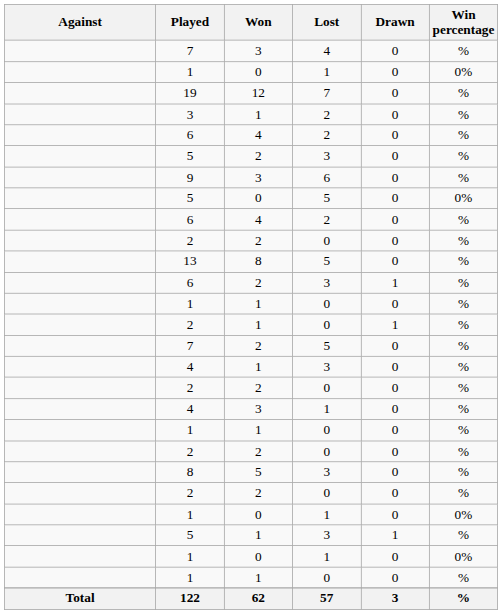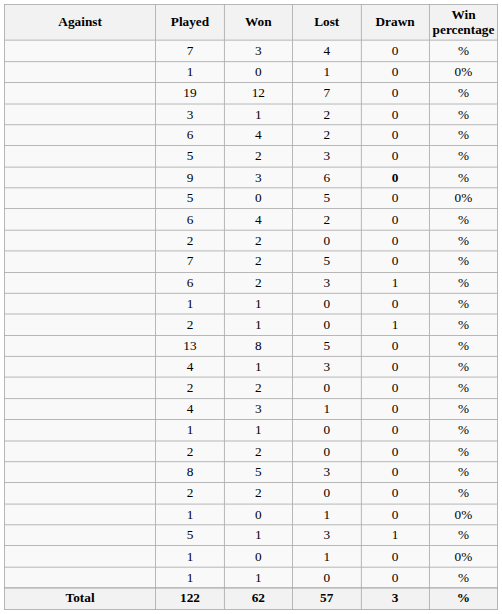 <table class="wikitable sortable" style="border:1px solid #CCCCCC">
 <tr>
 <th align="left" width="175" bgcolor="#CCCCCC">Against</th>
 <th align="center" width="75" bgcolor="#CCCCCC">Played</th>
 <th align="center" width="75" bgcolor="#CCCCCC">Won</th>
 <th align="center" width="75" bgcolor="#CCCCCC">Lost</th>
 <th align="center" width="75" bgcolor="#CCCCCC">Drawn</th>
 <th align="center" width="75" bgcolor="#CCCCCC">Win percentage</th>
 </tr>
 <tr style="text-align:center">
 <td align="left"></td>
 <td>7</td>
 <td>3</td>
 <td>4</td>
 <td>0</td>
 <td>%</td>
 </tr>
 <tr style="text-align:center">
 <td align="left"></td>
 <td>1</td>
 <td>0</td>
 <td>1</td>
 <td>0</td>
 <td>0%</td>
 </tr>
 <tr style="text-align:center">
 <td align="left"></td>
 <td>19</td>
 <td>12</td>
 <td>7</td>
 <td>0</td>
 <td>%</td>
 </tr>
 <tr style="text-align:center">
 <td align="left"></td>
 <td>3</td>
 <td>1</td>
 <td>2</td>
 <td>0</td>
 <td>%</td>
 </tr>
 <tr style="text-align:center">
 <td align="left"></td>
 <td>6</td>
 <td>4</td>
 <td>2</td>
 <td>0</td>
 <td>%</td>
 </tr>
 <tr style="text-align:center">
 <td align="left"></td>
 <td>5</td>
 <td>2</td>
 <td>3</td>
 <td>0</td>
 <td>%</td>
 </tr>
 <tr style="text-align:center">
 <td align="left"></td>
 <td>9</td>
 <td>3</td>
 <td>6</td>
-<td>0</td>
+<td><strong>0</strong></td>
 <td>%</td>
 </tr>
 <tr style="text-align:center">
 <td align="left"></td>
 <td>5</td>
 <td>0</td>
 <td>5</td>
 <td>0</td>
 <td>0%</td>
 </tr>
 <tr style="text-align:center">
 <td align="left"></td>
 <td>6</td>
 <td>4</td>
 <td>2</td>
 <td>0</td>
 <td>%</td>
 </tr>
 <tr style="text-align:center">
 <td align="left"></td>
 <td>2</td>
 <td>2</td>
 <td>0</td>
 <td>0</td>
 <td>%</td>
 </tr>
 <tr style="text-align:center">
 <td align="left"></td>
-<td>13</td>
-<td>8</td>
+<td>7</td>
+<td>2</td>
 <td>5</td>
 <td>0</td>
 <td>%</td>
 </tr>
 <tr style="text-align:center">
 <td align="left"></td>
 <td>6</td>
 <td>2</td>
 <td>3</td>
 <td>1</td>
 <td>%</td>
 </tr>
 <tr style="text-align:center">
 <td align="left"></td>
 <td>1</td>
 <td>1</td>
 <td>0</td>
 <td>0</td>
 <td>%</td>
 </tr>
 <tr style="text-align:center">
 <td align="left"></td>
 <td>2</td>
 <td>1</td>
 <td>0</td>
 <td>1</td>
 <td>%</td>
 </tr>
 <tr style="text-align:center">
 <td align="left"></td>
-<td>7</td>
-<td>2</td>
+<td>13</td>
+<td>8</td>
 <td>5</td>
 <td>0</td>
 <td>%</td>
 </tr>
 <tr style="text-align:center">
 <td align="left"></td>
 <td>4</td>
 <td>1</td>
 <td>3</td>
 <td>0</td>
 <td>%</td>
 </tr>
 <tr style="text-align:center">
 <td align="left"></td>
 <td>2</td>
 <td>2</td>
 <td>0</td>
 <td>0</td>
 <td>%</td>
 </tr>
 <tr style="text-align:center">
 <td align="left"></td>
 <td>4</td>
 <td>3</td>
 <td>1</td>
 <td>0</td>
 <td>%</td>
 </tr>
 <tr style="text-align:center">
 <td align="left"></td>
 <td>1</td>
 <td>1</td>
 <td>0</td>
 <td>0</td>
 <td>%</td>
 </tr>
 <tr style="text-align:center">
 <td align="left"></td>
 <td>2</td>
 <td>2</td>
 <td>0</td>
 <td>0</td>
 <td>%</td>
 </tr>
 <tr style="text-align:center">
 <td align="left"></td>
 <td>8</td>
 <td>5</td>
 <td>3</td>
 <td>0</td>
 <td>%</td>
 </tr>
 <tr style="text-align:center">
 <td align="left"></td>
 <td>2</td>
 <td>2</td>
 <td>0</td>
 <td>0</td>
 <td>%</td>
 </tr>
 <tr style="text-align:center">
 <td align="left"></td>
 <td>1</td>
 <td>0</td>
 <td>1</td>
 <td>0</td>
 <td>0%</td>
 </tr>
 <tr style="text-align:center">
 <td align="left"></td>
 <td>5</td>
 <td>1</td>
 <td>3</td>
 <td>1</td>
 <td>%</td>
 </tr>
 <tr style="text-align:center">
 <td align="left"></td>
 <td>1</td>
 <td>0</td>
 <td>1</td>
 <td>0</td>
 <td>0%</td>
 </tr>
 <tr style="text-align:center">
 <td align="left"></td>
 <td>1</td>
 <td>1</td>
 <td>0</td>
 <td>0</td>
 <td>%</td>
 </tr>
 <tr style="text-align:center">
 </tr>
 <tr class="sortbottom">
 <th>Total</th>
 <th>122</th>
 <th>62</th>
 <th>57</th>
 <th>3</th>
 <th>%</th>
 </tr>
 </table>
